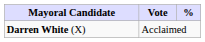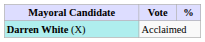 <table class="wikitable">
 <tr>
 <th style="background:#ddf; width:200px;">Mayoral Candidate</th>
 <th style="background:#ddf; width:50px;">Vote</th>
 <th style="background:#ddf; width:30px;">%</th>
 </tr>
 <tr>
-<td><strong>Darren White</strong> (X)</td>
+<td style="background: paleturquoise;"><strong>Darren White</strong> (X)</td>
 <td colspan="2">Acclaimed</td>
 </tr>
 </table>
